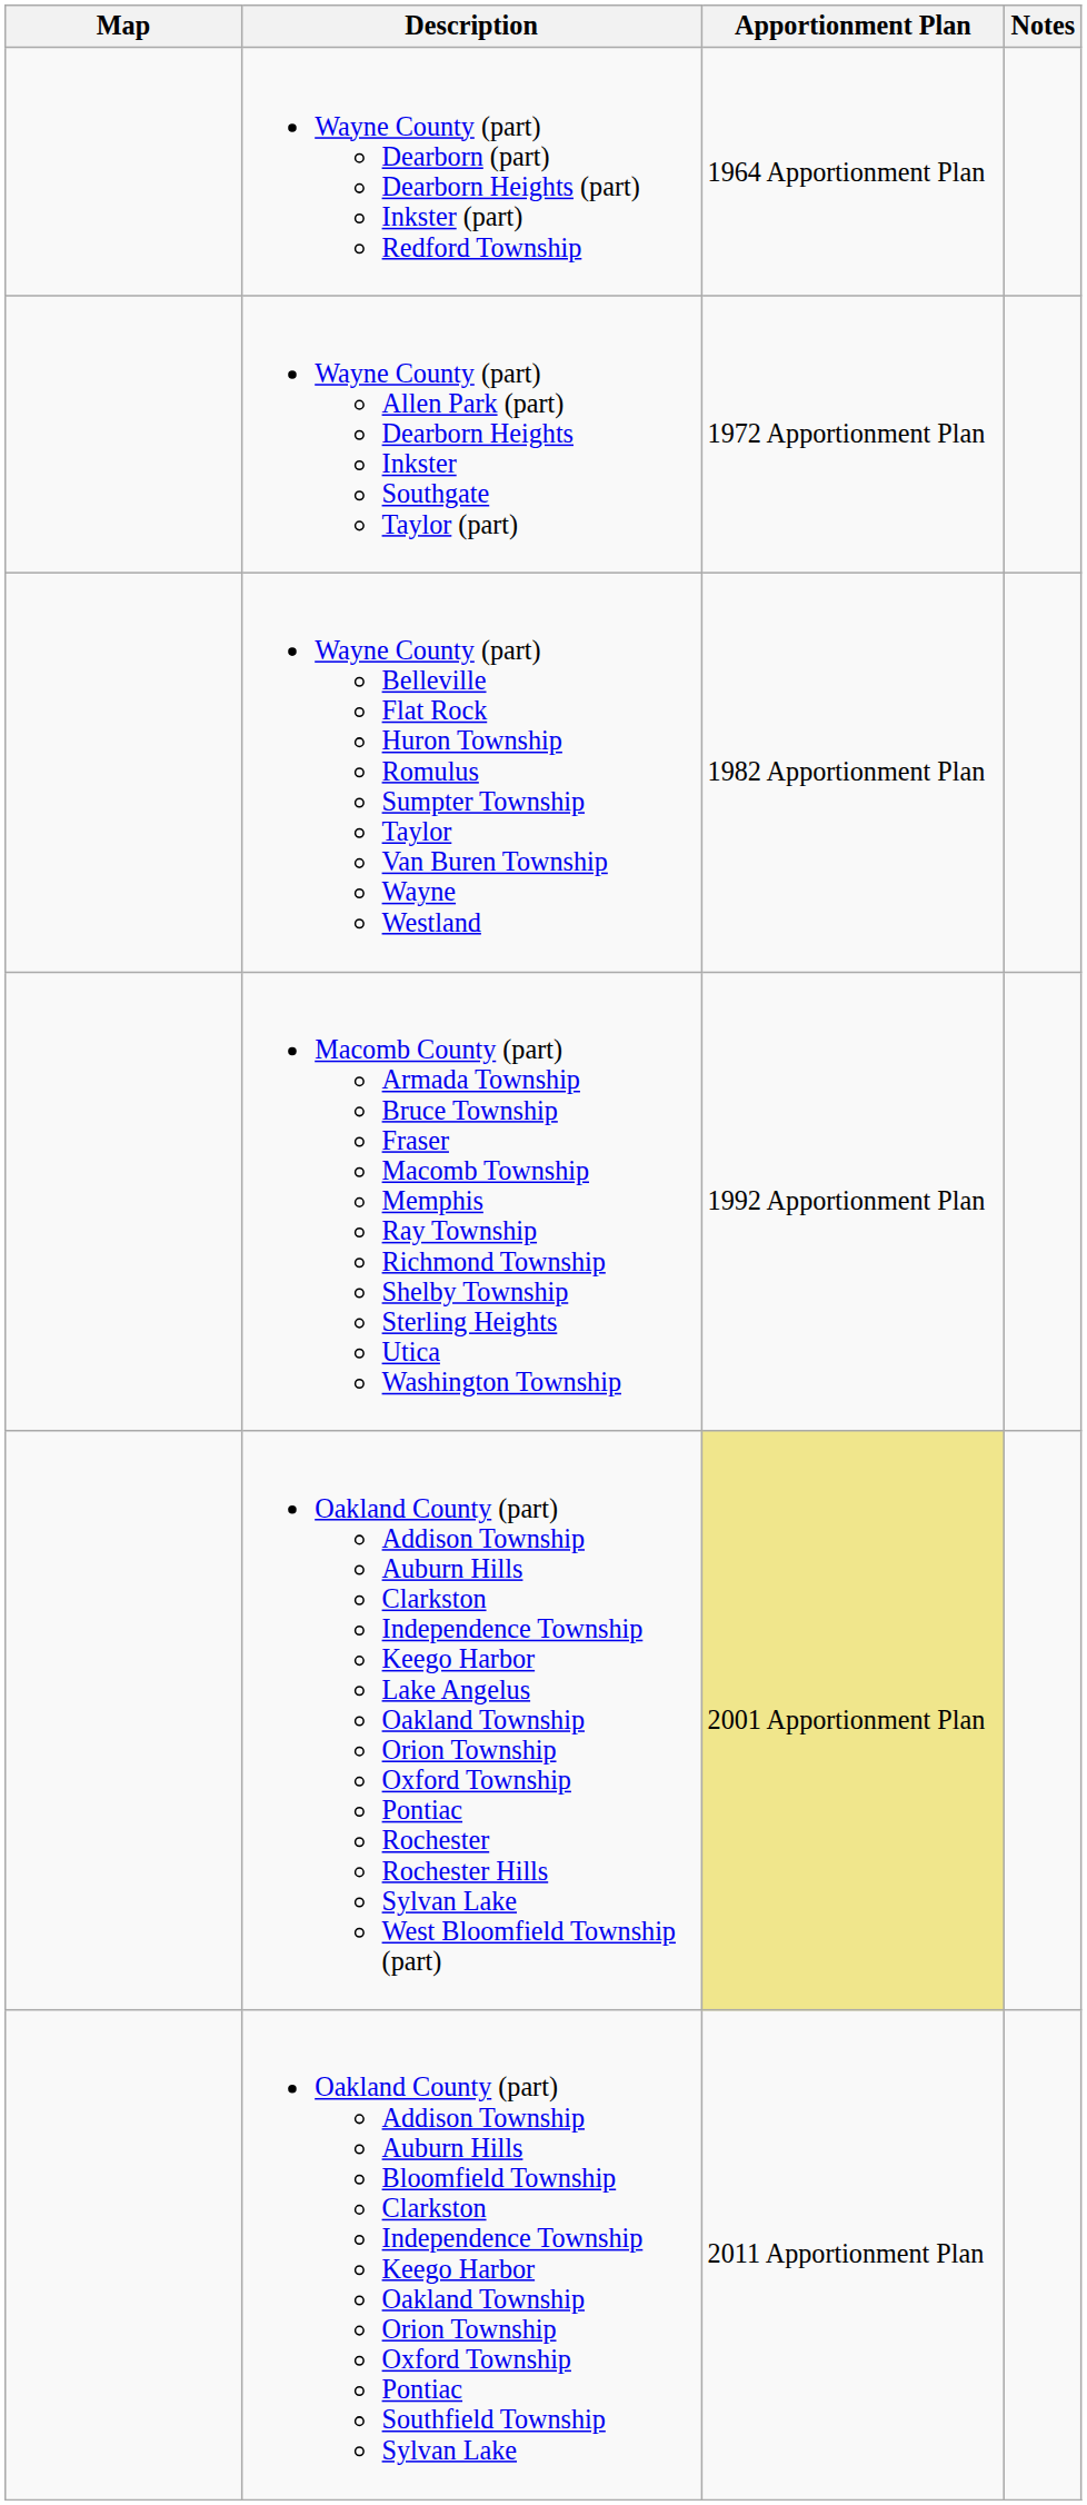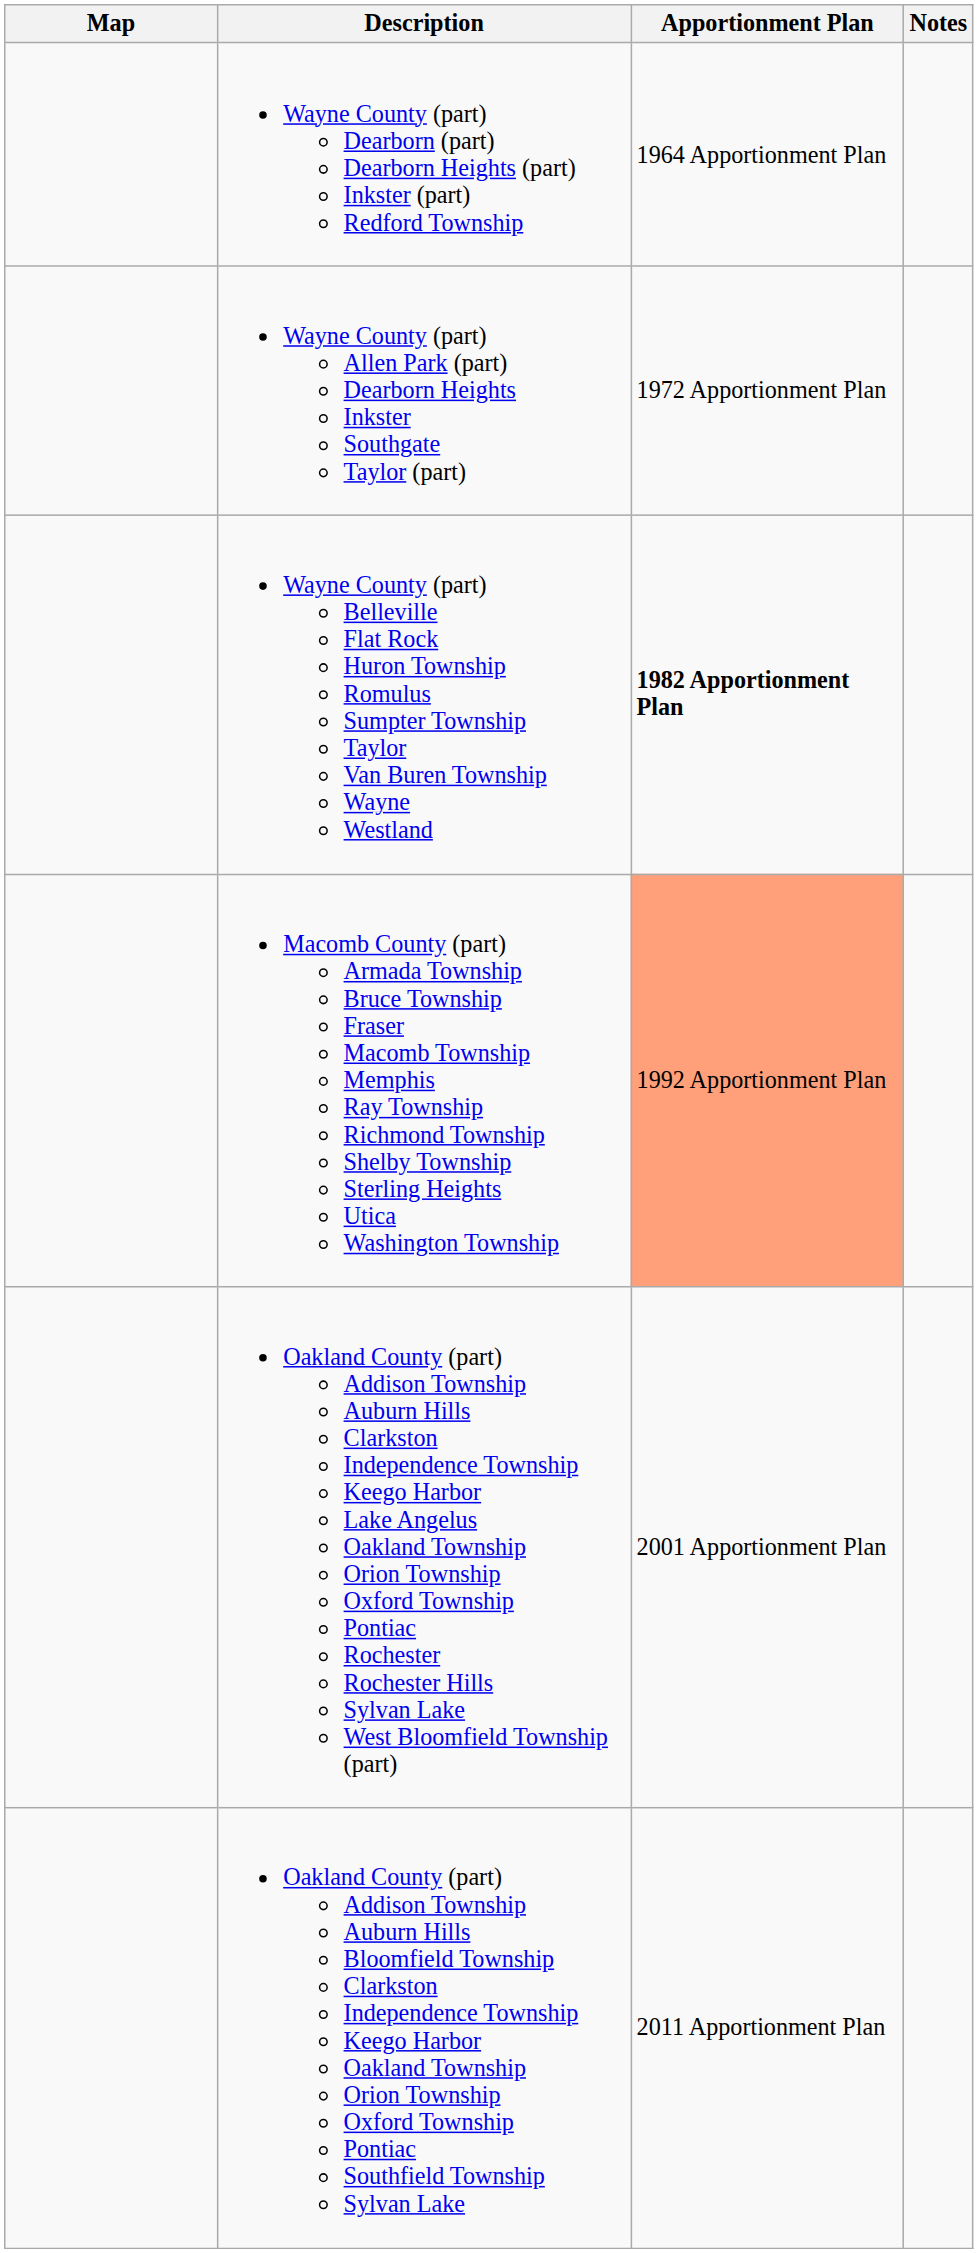 <table class="wikitable sortable">
 <tr>
 <th style="width:100pt;">Map</th>
 <th style="width:200pt;">Description</th>
 <th style="width:130pt;">Apportionment Plan</th>
 <th style="width:15pt;">Notes</th>
 </tr>
 <tr>
 <td></td>
 <td><br><ul><li><a href='#'>Wayne County</a> (part)<ul><li><a href='#'>Dearborn</a> (part)</li><li><a href='#'>Dearborn Heights</a> (part)</li><li><a href='#'>Inkster</a> (part)</li><li><a href='#'>Redford Township</a></li></ul></li></ul></td>
 <td>1964 Apportionment Plan</td>
 <td></td>
 </tr>
 <tr>
 <td></td>
 <td><br><ul><li><a href='#'>Wayne County</a> (part)<ul><li><a href='#'>Allen Park</a> (part)</li><li><a href='#'>Dearborn Heights</a></li><li><a href='#'>Inkster</a></li><li><a href='#'>Southgate</a></li><li><a href='#'>Taylor</a> (part)</li></ul></li></ul></td>
 <td>1972 Apportionment Plan</td>
 <td></td>
 </tr>
 <tr>
 <td></td>
 <td><br><ul><li><a href='#'>Wayne County</a> (part)<ul><li><a href='#'>Belleville</a></li><li><a href='#'>Flat Rock</a></li><li><a href='#'>Huron Township</a></li><li><a href='#'>Romulus</a></li><li><a href='#'>Sumpter Township</a></li><li><a href='#'>Taylor</a></li><li><a href='#'>Van Buren Township</a></li><li><a href='#'>Wayne</a></li><li><a href='#'>Westland</a></li></ul></li></ul></td>
-<td>1982 Apportionment Plan</td>
+<td><strong>1982 Apportionment Plan</strong></td>
 <td></td>
 </tr>
 <tr>
 <td></td>
 <td><br><ul><li><a href='#'>Macomb County</a> (part)<ul><li><a href='#'>Armada Township</a></li><li><a href='#'>Bruce Township</a></li><li><a href='#'>Fraser</a></li><li><a href='#'>Macomb Township</a></li><li><a href='#'>Memphis</a></li><li><a href='#'>Ray Township</a></li><li><a href='#'>Richmond Township</a></li><li><a href='#'>Shelby Township</a></li><li><a href='#'>Sterling Heights</a></li><li><a href='#'>Utica</a></li><li><a href='#'>Washington Township</a></li></ul></li></ul></td>
-<td>1992 Apportionment Plan</td>
+<td style="background: lightsalmon;">1992 Apportionment Plan</td>
 <td></td>
 </tr>
 <tr>
 <td></td>
 <td><br><ul><li><a href='#'>Oakland County</a> (part)<ul><li><a href='#'>Addison Township</a></li><li><a href='#'>Auburn Hills</a></li><li><a href='#'>Clarkston</a></li><li><a href='#'>Independence Township</a></li><li><a href='#'>Keego Harbor</a></li><li><a href='#'>Lake Angelus</a></li><li><a href='#'>Oakland Township</a></li><li><a href='#'>Orion Township</a></li><li><a href='#'>Oxford Township</a></li><li><a href='#'>Pontiac</a></li><li><a href='#'>Rochester</a></li><li><a href='#'>Rochester Hills</a></li><li><a href='#'>Sylvan Lake</a></li><li><a href='#'>West Bloomfield Township</a> (part)</li></ul></li></ul></td>
-<td style="background: khaki;">2001 Apportionment Plan</td>
+<td>2001 Apportionment Plan</td>
 <td></td>
 </tr>
 <tr>
 <td></td>
 <td><br><ul><li><a href='#'>Oakland County</a> (part)<ul><li><a href='#'>Addison Township</a></li><li><a href='#'>Auburn Hills</a></li><li><a href='#'>Bloomfield Township</a></li><li><a href='#'>Clarkston</a></li><li><a href='#'>Independence Township</a></li><li><a href='#'>Keego Harbor</a></li><li><a href='#'>Oakland Township</a></li><li><a href='#'>Orion Township</a></li><li><a href='#'>Oxford Township</a></li><li><a href='#'>Pontiac</a></li><li><a href='#'>Southfield Township</a></li><li><a href='#'>Sylvan Lake</a></li></ul></li></ul></td>
 <td>2011 Apportionment Plan</td>
 <td></td>
 </tr>
 <tr>
 </tr>
 </table>
